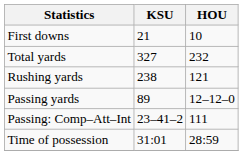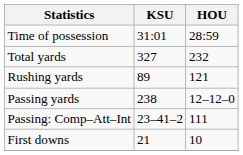 <table class="wikitable" style="float: left;">
 <tr>
 <th>Statistics</th>
 <th>KSU</th>
 <th>HOU</th>
 </tr>
 <tr>
-<td>First downs</td>
-<td>21</td>
-<td>10</td>
+<td>Time of possession</td>
+<td>31:01</td>
+<td>28:59</td>
 </tr>
 <tr>
 <td>Total yards</td>
 <td>327</td>
 <td>232</td>
 </tr>
 <tr>
 <td>Rushing yards</td>
-<td>238</td>
+<td>89</td>
 <td>121</td>
 </tr>
 <tr>
 <td>Passing yards</td>
-<td>89</td>
+<td>238</td>
 <td>12–12–0</td>
 </tr>
 <tr>
 <td>Passing: Comp–Att–Int</td>
 <td>23–41–2</td>
 <td>111</td>
 </tr>
 <tr>
-<td>Time of possession</td>
-<td>31:01</td>
-<td>28:59</td>
+<td>First downs</td>
+<td>21</td>
+<td>10</td>
 </tr>
 <tr>
 </tr>
 </table>
